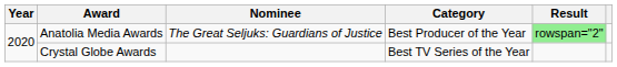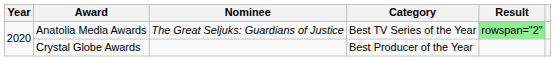 <table class="wikitable">
 <tr>
 <th>Year</th>
 <th>Award</th>
 <th>Nominee</th>
 <th>Category</th>
 <th>Result</th>
 <th></th>
 </tr>
 <tr>
 <td rowspan="2">2020</td>
 <td>Anatolia Media Awards</td>
 <td><em>The Great Seljuks: Guardians of Justice</em></td>
-<td>Best Producer of the Year</td>
+<td>Best TV Series of the Year</td>
 <td style="background: lightgreen;">rowspan="2" </td>
 <td style="text-align: center;"></td>
 </tr>
 <tr>
 <td>Crystal Globe Awards</td>
 <td></td>
-<td>Best TV Series of the Year</td>
+<td>Best Producer of the Year</td>
 <td style="text-align: center;"></td>
 </tr>
 </table>
